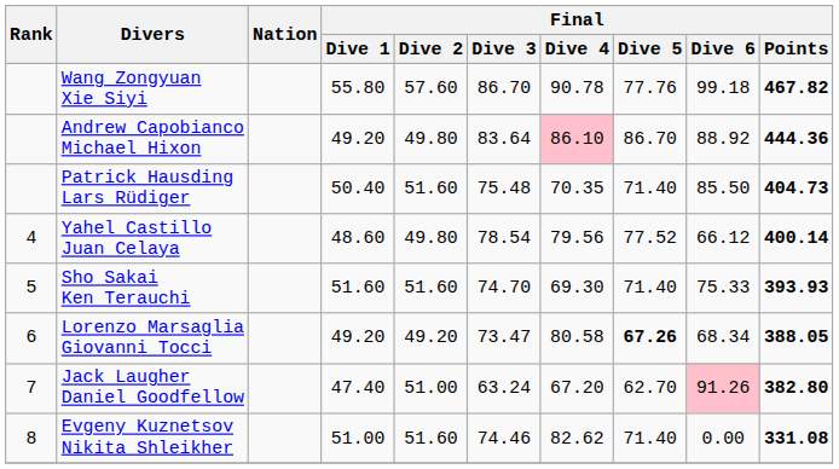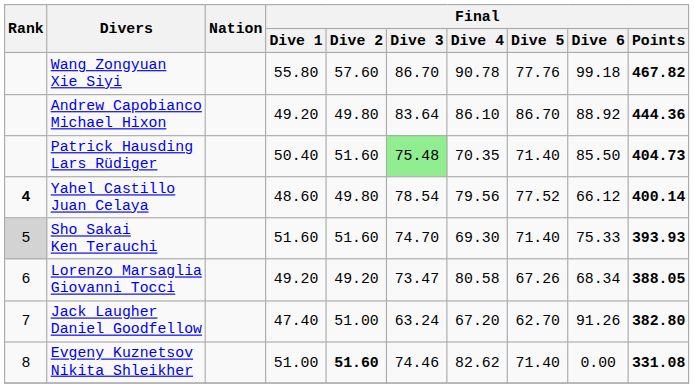 <table class="wikitable sortable" style="text-align:center">
 <tr>
 <th rowspan=2 data-sort-type=number>Rank</th>
 <th rowspan=2>Divers</th>
 <th rowspan=2>Nation</th>
 <th colspan=7>Final</th>
 </tr>
 <tr>
 <th>Dive 1</th>
 <th>Dive 2</th>
 <th>Dive 3</th>
 <th>Dive 4</th>
 <th>Dive 5</th>
 <th>Dive 6</th>
 <th>Points</th>
 </tr>
 <tr>
 <td></td>
 <td align=left><a href='#'>Wang Zongyuan</a><br><a href='#'>Xie Siyi</a></td>
 <td align=left></td>
 <td>55.80</td>
 <td>57.60</td>
 <td>86.70</td>
 <td>90.78</td>
 <td>77.76</td>
 <td>99.18</td>
 <td><strong>467.82</strong></td>
 </tr>
 <tr>
 <td></td>
 <td align=left><a href='#'>Andrew Capobianco</a> <br> <a href='#'>Michael Hixon</a></td>
 <td align=left></td>
 <td>49.20</td>
 <td>49.80</td>
 <td>83.64</td>
-<td style="background: pink;">86.10</td>
+<td>86.10</td>
 <td>86.70</td>
 <td>88.92</td>
 <td><strong>444.36</strong></td>
 </tr>
 <tr>
 <td></td>
 <td align=left><a href='#'>Patrick Hausding</a><br><a href='#'>Lars Rüdiger</a></td>
 <td align=left></td>
 <td>50.40</td>
 <td>51.60</td>
-<td>75.48</td>
+<td style="background: lightgreen;">75.48</td>
 <td>70.35</td>
 <td>71.40</td>
 <td>85.50</td>
 <td><strong>404.73</strong></td>
 </tr>
 <tr>
-<td>4</td>
+<td><strong>4</strong></td>
 <td align=left><a href='#'>Yahel Castillo</a><br> <a href='#'>Juan Celaya</a></td>
 <td align=left></td>
 <td>48.60</td>
 <td>49.80</td>
 <td>78.54</td>
 <td>79.56</td>
 <td>77.52</td>
 <td>66.12</td>
 <td><strong>400.14</strong></td>
 </tr>
 <tr>
-<td>5</td>
+<td style="background: lightgrey;">5</td>
 <td align=left><a href='#'>Sho Sakai</a><br><a href='#'>Ken Terauchi</a></td>
 <td align=left></td>
 <td>51.60</td>
 <td>51.60</td>
 <td>74.70</td>
 <td>69.30</td>
 <td>71.40</td>
 <td>75.33</td>
 <td><strong>393.93</strong></td>
 </tr>
 <tr>
 <td>6</td>
 <td align=left><a href='#'>Lorenzo Marsaglia</a><br><a href='#'>Giovanni Tocci</a></td>
 <td align=left></td>
 <td>49.20</td>
 <td>49.20</td>
 <td>73.47</td>
 <td>80.58</td>
-<td><strong>67.26</strong></td>
+<td>67.26</td>
 <td>68.34</td>
 <td><strong>388.05</strong></td>
 </tr>
 <tr>
 <td>7</td>
 <td align=left><a href='#'>Jack Laugher</a><br><a href='#'>Daniel Goodfellow</a></td>
 <td align=left></td>
 <td>47.40</td>
 <td>51.00</td>
 <td>63.24</td>
 <td>67.20</td>
 <td>62.70</td>
-<td style="background: pink;">91.26</td>
+<td>91.26</td>
 <td><strong>382.80</strong></td>
 </tr>
 <tr>
 <td>8</td>
 <td align=left><a href='#'>Evgeny Kuznetsov</a><br><a href='#'>Nikita Shleikher</a></td>
 <td align=left></td>
 <td>51.00</td>
-<td>51.60</td>
+<td><strong>51.60</strong></td>
 <td>74.46</td>
 <td>82.62</td>
 <td>71.40</td>
 <td>0.00</td>
 <td><strong>331.08</strong></td>
 </tr>
 <tr>
 </tr>
 </table>
